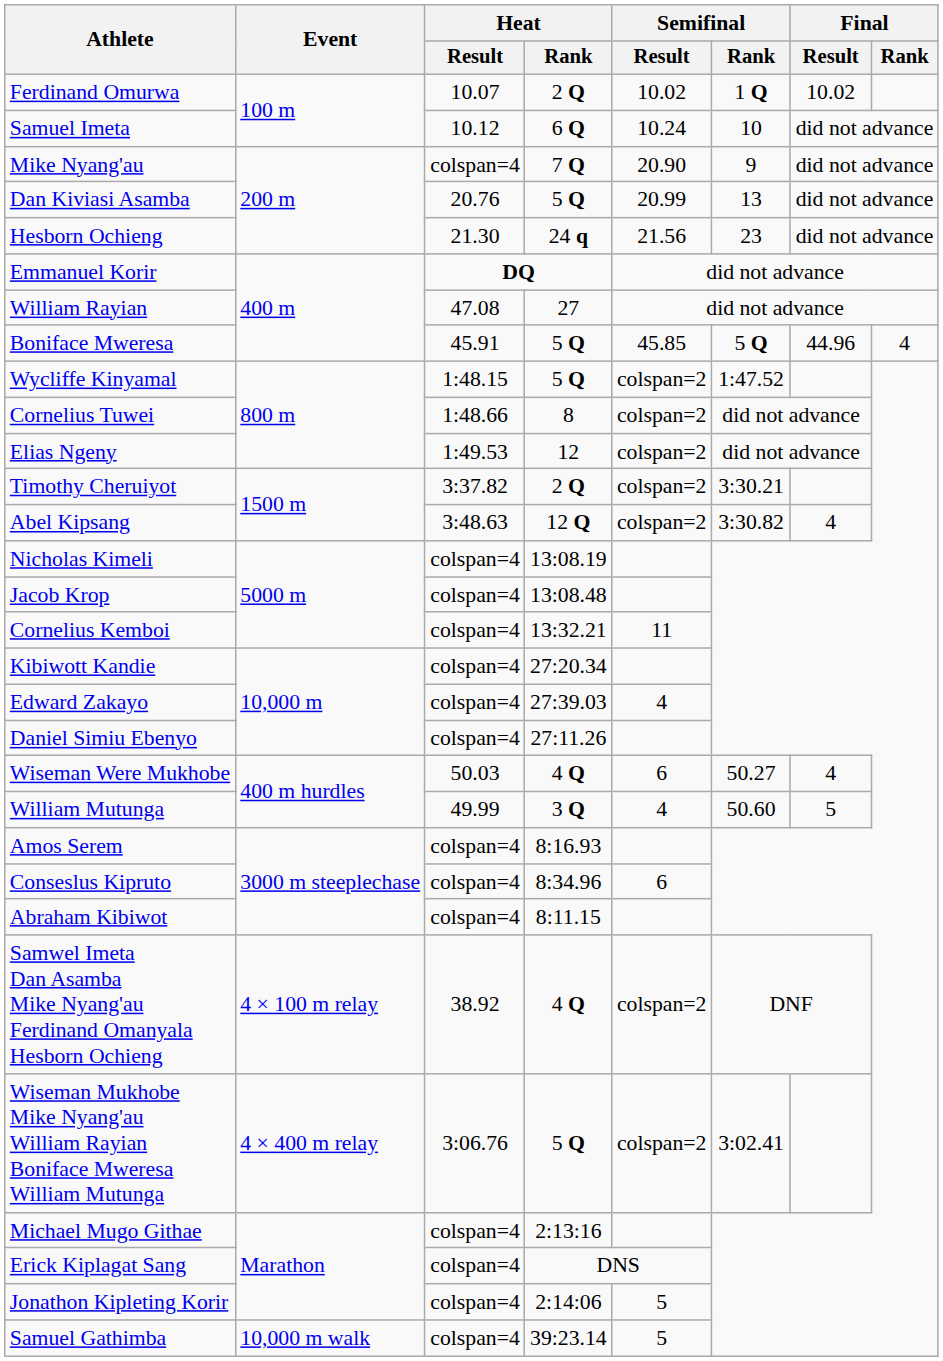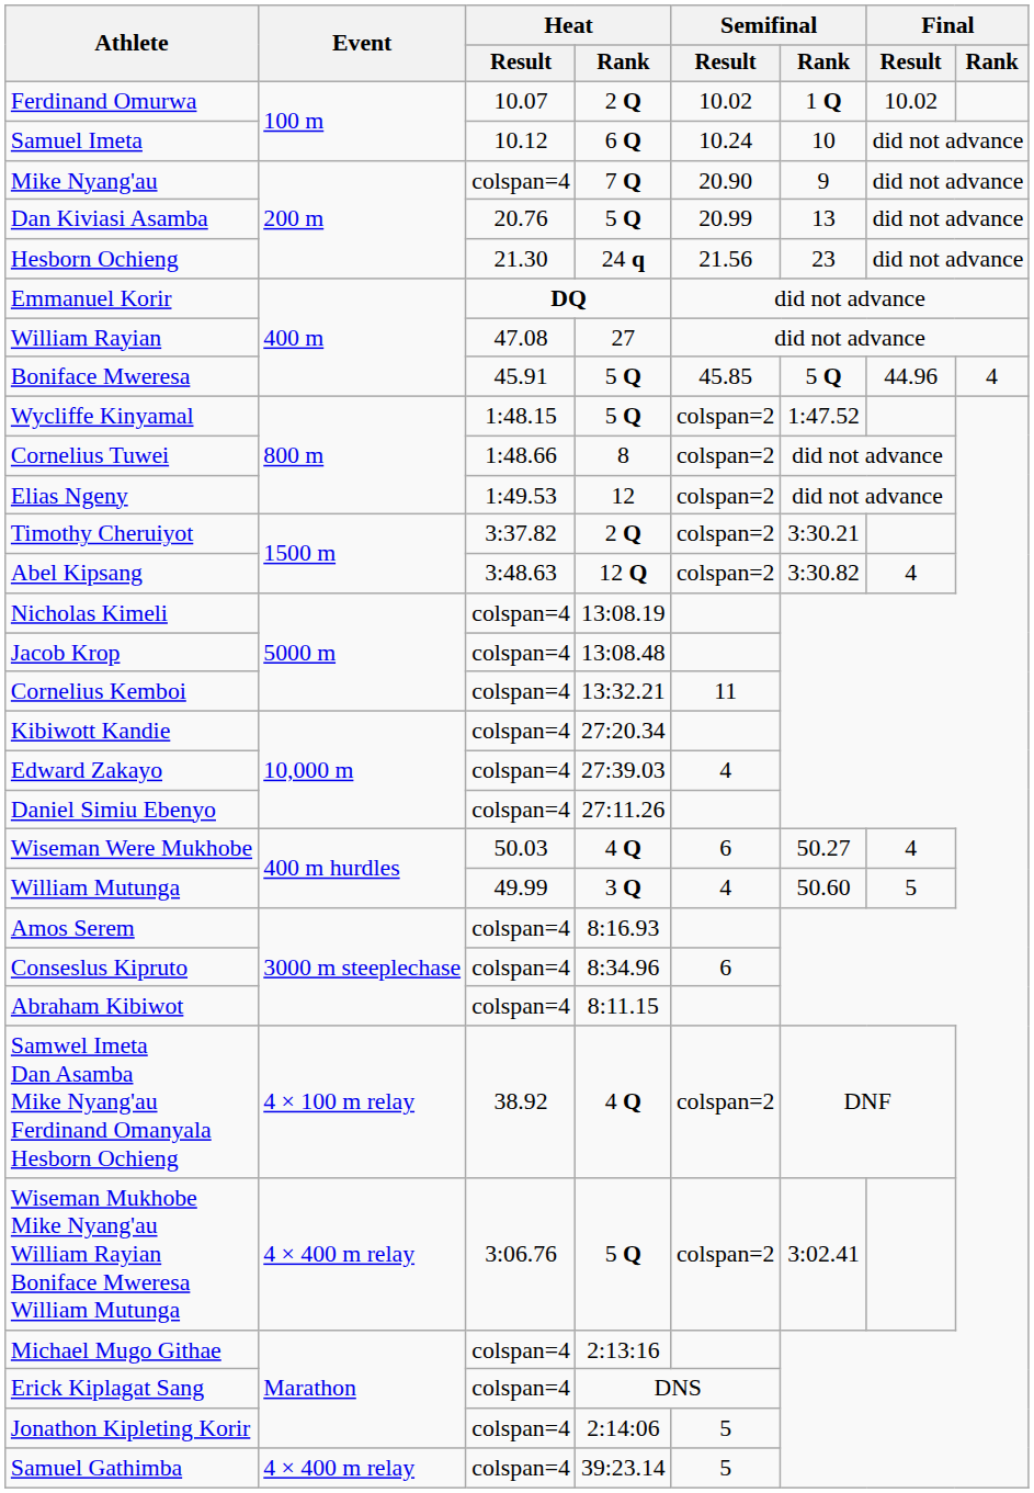 <table class="wikitable" style="font-size:90%; text-align:center">
 <tr>
 <th rowspan=2>Athlete</th>
 <th rowspan=2>Event</th>
 <th colspan=2>Heat</th>
 <th colspan=2>Semifinal</th>
 <th colspan=2>Final</th>
 </tr>
 <tr style="font-size:95%">
 <th>Result</th>
 <th>Rank</th>
 <th>Result</th>
 <th>Rank</th>
 <th>Result</th>
 <th>Rank</th>
 </tr>
 <tr>
 <td align=left><a href='#'>Ferdinand Omurwa</a></td>
 <td align=left rowspan=2><a href='#'>100 m</a></td>
 <td>10.07</td>
 <td>2 <strong>Q</strong></td>
 <td>10.02</td>
 <td>1 <strong>Q</strong></td>
 <td>10.02</td>
 <td></td>
 </tr>
 <tr>
 <td align=left><a href='#'>Samuel Imeta</a></td>
 <td>10.12</td>
 <td>6 <strong>Q</strong></td>
 <td>10.24</td>
 <td>10</td>
 <td colspan=2>did not advance</td>
 </tr>
 <tr>
 <td align=left><a href='#'>Mike Nyang'au</a></td>
 <td align=left rowspan=3><a href='#'>200 m</a></td>
 <td>colspan=4 </td>
 <td>7 <strong>Q</strong></td>
 <td>20.90</td>
 <td>9</td>
 <td colspan=2>did not advance</td>
 </tr>
 <tr>
 <td align=left><a href='#'>Dan Kiviasi Asamba</a></td>
 <td>20.76</td>
 <td>5 <strong>Q</strong></td>
 <td>20.99</td>
 <td>13</td>
 <td colspan=2>did not advance</td>
 </tr>
 <tr>
 <td align=left><a href='#'>Hesborn Ochieng</a></td>
 <td>21.30</td>
 <td>24 <strong>q</strong></td>
 <td>21.56</td>
 <td>23</td>
 <td colspan=2>did not advance</td>
 </tr>
 <tr>
 <td align=left><a href='#'>Emmanuel Korir</a></td>
 <td align=left rowspan=3><a href='#'>400 m</a></td>
 <td colspan=2><strong>DQ</strong></td>
 <td colspan=4>did not advance</td>
 </tr>
 <tr>
 <td align=left><a href='#'>William Rayian</a></td>
 <td>47.08</td>
 <td>27</td>
 <td colspan=4>did not advance</td>
 </tr>
 <tr>
 <td align=left><a href='#'>Boniface Mweresa</a></td>
 <td>45.91</td>
 <td>5 <strong>Q</strong></td>
 <td>45.85</td>
 <td>5 <strong>Q</strong></td>
 <td>44.96</td>
 <td>4</td>
 </tr>
 <tr>
 <td align=left><a href='#'>Wycliffe Kinyamal</a></td>
 <td align=left rowspan=3><a href='#'>800 m</a></td>
 <td>1:48.15</td>
 <td>5 <strong>Q</strong></td>
 <td>colspan=2 </td>
 <td>1:47.52</td>
 <td></td>
 </tr>
 <tr>
 <td align=left><a href='#'>Cornelius Tuwei</a></td>
 <td>1:48.66</td>
 <td>8</td>
 <td>colspan=2 </td>
 <td colspan=2>did not advance</td>
 </tr>
 <tr>
 <td align=left><a href='#'>Elias Ngeny</a></td>
 <td>1:49.53</td>
 <td>12</td>
 <td>colspan=2 </td>
 <td colspan=2>did not advance</td>
 </tr>
 <tr>
 <td align=left><a href='#'>Timothy Cheruiyot</a></td>
 <td align=left rowspan=2><a href='#'>1500 m</a></td>
 <td>3:37.82</td>
 <td>2 <strong>Q</strong></td>
 <td>colspan=2 </td>
 <td>3:30.21</td>
 <td></td>
 </tr>
 <tr>
 <td align=left><a href='#'>Abel Kipsang</a></td>
 <td>3:48.63</td>
 <td>12 <strong>Q</strong></td>
 <td>colspan=2 </td>
 <td>3:30.82</td>
 <td>4</td>
 </tr>
 <tr>
 <td align=left><a href='#'>Nicholas Kimeli</a></td>
 <td align=left rowspan=3><a href='#'>5000 m</a></td>
 <td>colspan=4 </td>
 <td>13:08.19</td>
 <td></td>
 </tr>
 <tr>
 <td align=left><a href='#'>Jacob Krop</a></td>
 <td>colspan=4 </td>
 <td>13:08.48</td>
 <td></td>
 </tr>
 <tr>
 <td align=left><a href='#'>Cornelius Kemboi</a></td>
 <td>colspan=4 </td>
 <td>13:32.21</td>
 <td>11</td>
 </tr>
 <tr>
 <td align=left><a href='#'>Kibiwott Kandie</a></td>
 <td align=left rowspan=3><a href='#'>10,000 m</a></td>
 <td>colspan=4 </td>
 <td>27:20.34</td>
 <td></td>
 </tr>
 <tr>
 <td align=left><a href='#'>Edward Zakayo</a></td>
 <td>colspan=4 </td>
 <td>27:39.03</td>
 <td>4</td>
 </tr>
 <tr>
 <td align=left><a href='#'>Daniel Simiu Ebenyo</a></td>
 <td>colspan=4 </td>
 <td>27:11.26</td>
 <td></td>
 </tr>
 <tr>
 <td align=left><a href='#'>Wiseman Were Mukhobe</a></td>
 <td align=left rowspan=2><a href='#'>400 m hurdles</a></td>
 <td>50.03</td>
 <td>4 <strong>Q</strong></td>
 <td>6</td>
 <td>50.27</td>
 <td>4</td>
 </tr>
 <tr>
 <td align=left><a href='#'>William Mutunga</a></td>
 <td>49.99</td>
 <td>3 <strong>Q</strong></td>
 <td>4</td>
 <td>50.60</td>
 <td>5</td>
 </tr>
 <tr>
 <td align=left><a href='#'>Amos Serem</a></td>
 <td align=left rowspan=3><a href='#'>3000 m steeplechase</a></td>
 <td>colspan=4 </td>
 <td>8:16.93</td>
 <td></td>
 </tr>
 <tr>
 <td align=left><a href='#'>Conseslus Kipruto</a></td>
 <td>colspan=4 </td>
 <td>8:34.96</td>
 <td>6</td>
 </tr>
 <tr>
 <td align=left><a href='#'>Abraham Kibiwot</a></td>
 <td>colspan=4 </td>
 <td>8:11.15</td>
 <td></td>
 </tr>
 <tr>
 <td align=left><a href='#'>Samwel Imeta</a><br><a href='#'>Dan Asamba</a><br><a href='#'>Mike Nyang'au</a><br><a href='#'>Ferdinand Omanyala</a><br><a href='#'>Hesborn Ochieng</a></td>
 <td align=left><a href='#'>4 × 100 m relay</a></td>
 <td>38.92</td>
 <td>4 <strong>Q</strong></td>
 <td>colspan=2 </td>
 <td colspan=2>DNF</td>
 </tr>
 <tr>
 <td align=left><a href='#'>Wiseman Mukhobe</a><br><a href='#'>Mike Nyang'au</a><br><a href='#'>William Rayian</a><br><a href='#'>Boniface Mweresa</a><br><a href='#'>William Mutunga</a></td>
 <td align=left><a href='#'>4 × 400 m relay</a></td>
 <td>3:06.76</td>
 <td>5 <strong>Q</strong></td>
 <td>colspan=2 </td>
 <td>3:02.41</td>
 <td></td>
 </tr>
 <tr>
 <td align=left><a href='#'>Michael Mugo Githae</a></td>
 <td align=left rowspan=3><a href='#'>Marathon</a></td>
 <td>colspan=4 </td>
 <td>2:13:16</td>
 <td></td>
 </tr>
 <tr>
 <td align=left><a href='#'>Erick Kiplagat Sang</a></td>
 <td>colspan=4 </td>
 <td colspan="2">DNS</td>
 </tr>
 <tr>
 <td align=left><a href='#'>Jonathon Kipleting Korir</a></td>
 <td>colspan=4 </td>
 <td>2:14:06</td>
 <td>5</td>
 </tr>
 <tr>
 <td align=left><a href='#'>Samuel Gathimba</a></td>
-<td align=left><a href='#'>10,000 m walk</a></td>
+<td align=left><a href='#'>4 × 400 m relay</a></td>
 <td>colspan=4 </td>
 <td>39:23.14</td>
 <td>5</td>
 </tr>
 </table>
